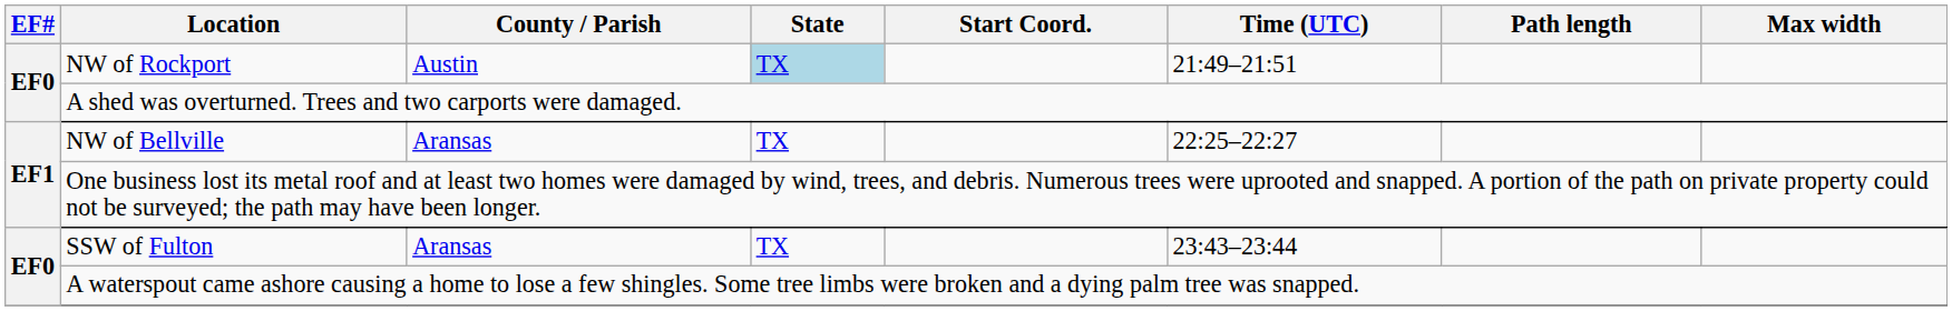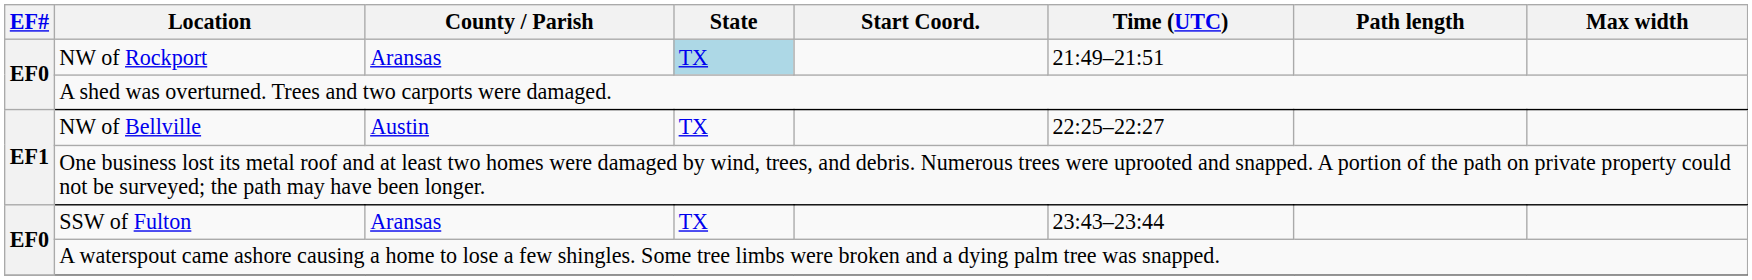 <table class="wikitable sortable" style="width:100%;">
 <tr>
 <th scope="col" width="2%" align="center"><a href='#'>EF#</a></th>
 <th scope="col" align="center" class="unsortable">Location</th>
 <th scope="col" align="center" class="unsortable">County / Parish</th>
 <th scope="col" align="center">State</th>
 <th scope="col" align="center">Start Coord.</th>
 <th scope="col" align="center">Time (<a href='#'>UTC</a>)</th>
 <th scope="col" align="center">Path length</th>
 <th scope="col" align="center">Max width</th>
 </tr>
 <tr>
 <th scope="row" rowspan="2" style="background-color:#">EF0</th>
 <td>NW of <a href='#'>Rockport</a></td>
-<td><a href='#'>Austin</a></td>
+<td><a href='#'>Aransas</a></td>
 <td style="background: lightblue;"><a href='#'>TX</a></td>
 <td></td>
 <td>21:49–21:51</td>
 <td></td>
 <td></td>
 </tr>
 <tr class="expand-child">
 <td colspan="8" style=" border-bottom: 1px solid black;">A shed was overturned. Trees and two carports were damaged.</td>
 </tr>
 <tr>
 <th scope="row" rowspan="2" style="background-color:#">EF1</th>
 <td>NW of <a href='#'>Bellville</a></td>
-<td><a href='#'>Aransas</a></td>
+<td><a href='#'>Austin</a></td>
 <td><a href='#'>TX</a></td>
 <td></td>
 <td>22:25–22:27</td>
 <td></td>
 <td></td>
 </tr>
 <tr class="expand-child">
 <td colspan="8" style=" border-bottom: 1px solid black;">One business lost its metal roof and at least two homes were damaged by wind, trees, and debris. Numerous trees were uprooted and snapped. A portion of the path on private property could not be surveyed; the path may have been longer.</td>
 </tr>
 <tr>
 <th scope="row" rowspan="2" style="background-color:#">EF0</th>
 <td>SSW of <a href='#'>Fulton</a></td>
 <td><a href='#'>Aransas</a></td>
 <td><a href='#'>TX</a></td>
 <td></td>
 <td>23:43–23:44</td>
 <td></td>
 <td></td>
 </tr>
 <tr class="expand-child">
 <td colspan="8" style=" border-bottom: 1px solid black;">A waterspout came ashore causing a home to lose a few shingles. Some tree limbs were broken and a dying palm tree was snapped.</td>
 </tr>
 <tr>
 </tr>
 </table>
